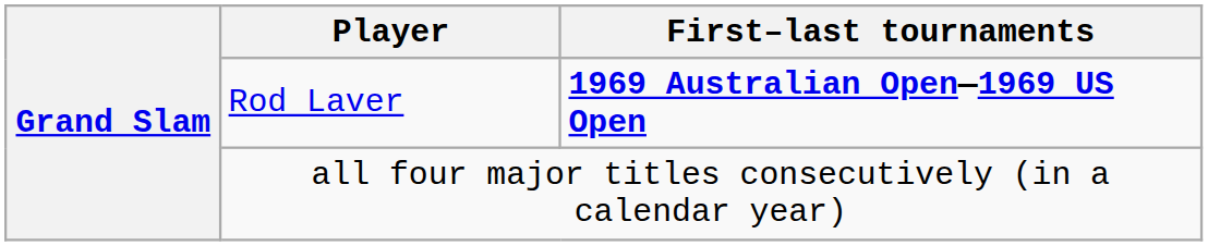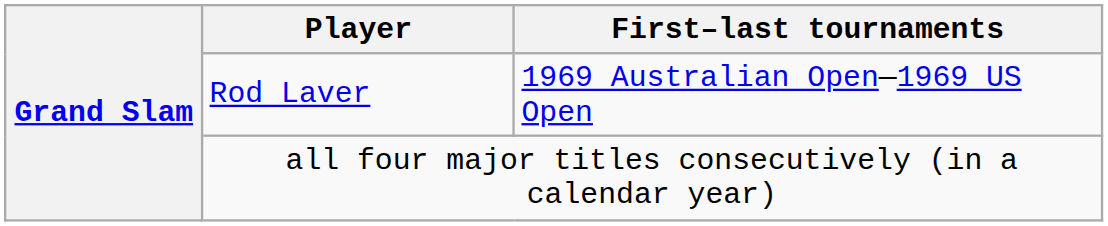 <table class="wikitable nowrap">
 <tr>
 <th rowspan="3" width="80"><a href='#'>Grand Slam</a></th>
 <th>Player</th>
 <th>First–last tournaments</th>
 </tr>
 <tr>
 <td width="130"> <a href='#'>Rod Laver</a></td>
-<td width="250"><strong><a href='#'>1969 Australian Open</a>—<a href='#'>1969 US Open</a></strong></td>
+<td width="250"><a href='#'>1969 Australian Open</a>—<a href='#'>1969 US Open</a></td>
 </tr>
 <tr>
 <td colspan=2 align=center>all four major titles consecutively (in a calendar year)</td>
 </tr>
 </table>
